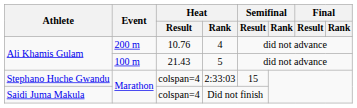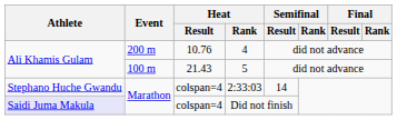 <table class="wikitable" style="font-size:90%">
 <tr>
 <th rowspan=2>Athlete</th>
 <th rowspan=2>Event</th>
 <th colspan=2>Heat</th>
 <th colspan=2>Semifinal</th>
 <th colspan=2>Final</th>
 </tr>
 <tr style="font-size:95%">
 <th>Result</th>
 <th>Rank</th>
 <th>Result</th>
 <th>Rank</th>
 <th>Result</th>
 <th>Rank</th>
 </tr>
 <tr align=center>
 <td align=left rowspan=2><a href='#'>Ali Khamis Gulam</a></td>
 <td align=left><a href='#'>200 m</a></td>
 <td>10.76</td>
 <td>4</td>
 <td colspan=4>did not advance</td>
 </tr>
 <tr align=center>
 <td align=left><a href='#'>100 m</a></td>
 <td>21.43</td>
 <td>5</td>
 <td colspan=4>did not advance</td>
 </tr>
 <tr align=center>
 <td align=left><a href='#'>Stephano Huche Gwandu</a></td>
 <td align=left rowspan=2><a href='#'>Marathon</a></td>
 <td>colspan=4</td>
 <td>2:33:03</td>
-<td>15</td>
+<td>14</td>
 </tr>
 <tr align=center>
-<td align=left><a href='#'>Saidi Juma Makula</a></td>
+<td align=left style="background: lavender;"><a href='#'>Saidi Juma Makula</a></td>
 <td>colspan=4</td>
 <td colspan=2>Did not finish</td>
 </tr>
 </table>
